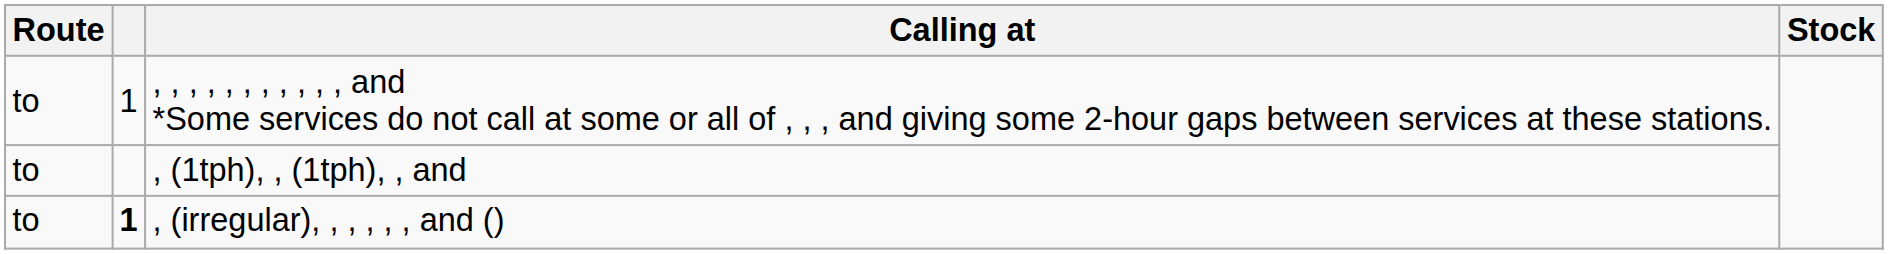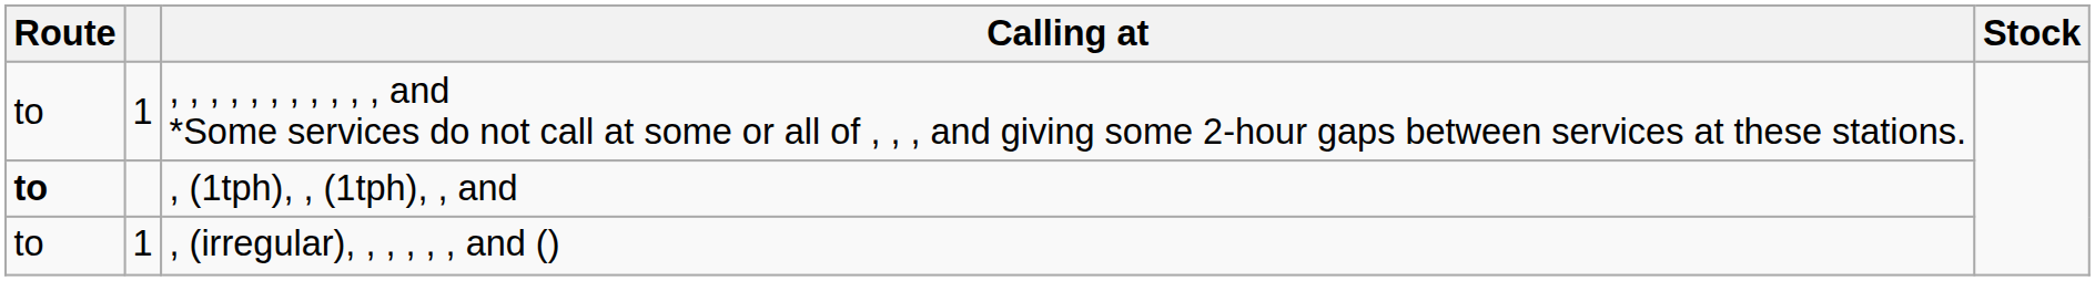 <table class="wikitable">
 <tr>
 <th>Route</th>
 <th></th>
 <th>Calling at</th>
 <th>Stock</th>
 </tr>
 <tr>
 <td> to </td>
 <td>1</td>
 <td>, , , , , , , , , , ,  and  <br>*Some services do not call at some or all of , , ,  and  giving some 2-hour gaps between services at these stations.</td>
 <td rowspan="3"></td>
 </tr>
 <tr>
-<td> to </td>
+<td><strong> to </strong></td>
 <td></td>
 <td>,  (1tph), ,  (1tph), ,  and </td>
 </tr>
 <tr>
 <td> to </td>
-<td><strong>1</strong></td>
+<td>1</td>
 <td>,  (irregular), , , , , ,  and  ()</td>
 </tr>
 </table>
